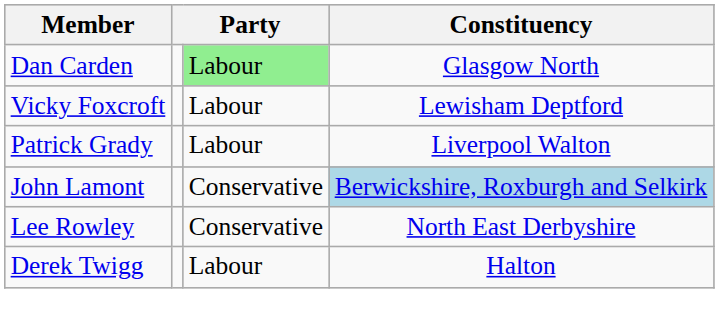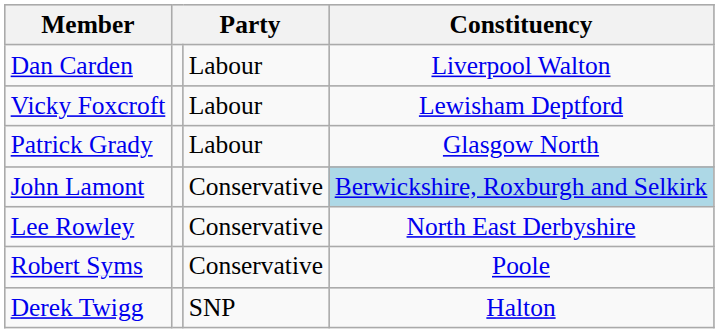 <table class="wikitable">
 <tr>
 <th valign="top">Member</th>
 <th colspan="2" valign="top">Party</th>
 <th valign="top">Constituency</th>
 </tr>
 <tr>
 <td><a href='#'>Dan Carden</a></td>
 <td style="color:inherit;background:"></td>
-<td style="background: lightgreen;">Labour</td>
-<td style="text-align:center"><a href='#'>Glasgow North</a></td>
+<td>Labour</td>
+<td style="text-align:center"><a href='#'>Liverpool Walton</a></td>
 </tr>
 <tr>
 <td><a href='#'>Vicky Foxcroft</a></td>
 <td style="color:inherit;background:"></td>
 <td>Labour</td>
 <td style="text-align:center"><a href='#'>Lewisham Deptford</a></td>
 </tr>
 <tr>
 <td><a href='#'>Patrick Grady</a></td>
 <td style="color:inherit;background:"></td>
 <td>Labour</td>
-<td style="text-align:center"><a href='#'>Liverpool Walton</a></td>
+<td style="text-align:center"><a href='#'>Glasgow North</a></td>
 </tr>
 <tr>
 <td><a href='#'>John Lamont</a></td>
 <td style="color:inherit;background:"></td>
 <td>Conservative</td>
 <td style="background: lightblue; text-align:center"><a href='#'>Berwickshire, Roxburgh and Selkirk</a></td>
 </tr>
 <tr>
 <td><a href='#'>Lee Rowley</a></td>
 <td style="color:inherit;background:"></td>
 <td>Conservative</td>
 <td style="text-align:center"><a href='#'>North East Derbyshire</a></td>
 </tr>
 <tr>
+<td><a href='#'>Robert Syms</a></td>
+<td style="color:inherit;background:"></td>
+<td>Conservative</td>
+<td style="text-align:center"><a href='#'>Poole</a></td>
+</tr>
+<tr>
 <td><a href='#'>Derek Twigg</a></td>
 <td style="color:inherit;background:"></td>
-<td>Labour</td>
+<td>SNP</td>
 <td style="text-align:center"><a href='#'>Halton</a></td>
 </tr>
 </table>
